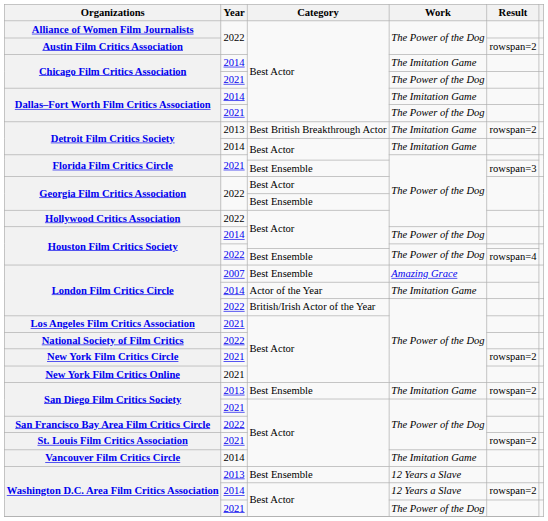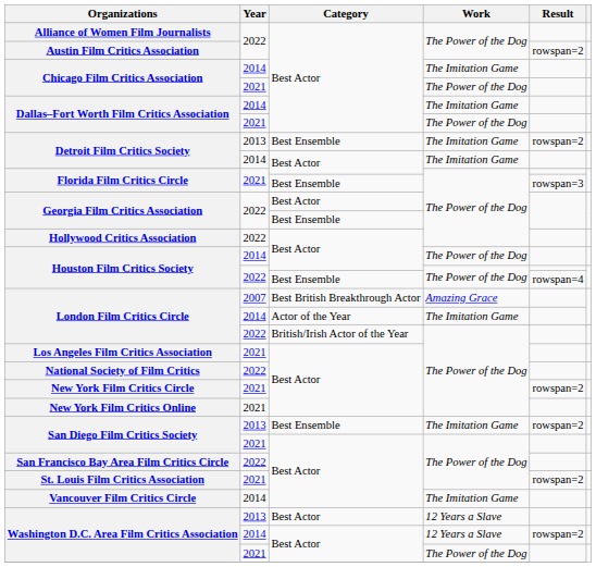 <table class= "wikitable plainrowheaders sortable">
 <tr>
 <th>Organizations</th>
 <th scope="col">Year</th>
 <th scope="col">Category</th>
 <th scope="col">Work</th>
 <th scope="col">Result</th>
 <th scope="col" class="unsortable"></th>
 </tr>
 <tr>
 <th scope="row" rowspan="1"><a href='#'>Alliance of Women Film Journalists</a></th>
 <td rowspan=2>2022</td>
 <td rowspan=6>Best Actor</td>
 <td rowspan=2><em>The Power of the Dog</em></td>
 <td></td>
 <td></td>
 </tr>
 <tr>
 <th scope="row"><a href='#'>Austin Film Critics Association</a></th>
 <td>rowspan=2 </td>
 <td></td>
 </tr>
 <tr>
 <th rowspan=2 scope="row"><a href='#'>Chicago Film Critics Association</a></th>
 <td><a href='#'>2014</a></td>
 <td><em>The Imitation Game</em></td>
 <td></td>
 </tr>
 <tr>
 <td><a href='#'>2021</a></td>
 <td><em>The Power of the Dog</em></td>
 <td></td>
 <td></td>
 </tr>
 <tr>
 <th rowspan=2 scope="row"><a href='#'>Dallas–Fort Worth Film Critics Association</a></th>
 <td><a href='#'>2014</a></td>
 <td><em>The Imitation Game</em></td>
 <td></td>
 <td></td>
 </tr>
 <tr>
 <td><a href='#'>2021</a></td>
 <td><em>The Power of the Dog</em></td>
 <td></td>
 <td></td>
 </tr>
 <tr>
 <th rowspan=2 scope="row"><a href='#'>Detroit Film Critics Society</a></th>
 <td>2013</td>
-<td>Best British Breakthrough Actor</td>
+<td>Best Ensemble</td>
 <td><em>The Imitation Game</em></td>
 <td>rowspan=2 </td>
 <td></td>
 </tr>
 <tr>
 <td>2014</td>
 <td rowspan=2>Best Actor</td>
 <td><em>The Imitation Game</em></td>
 <td></td>
 </tr>
 <tr>
 <th rowspan=2 scope="row"><a href='#'>Florida Film Critics Circle</a></th>
 <td rowspan=2><a href='#'>2021</a></td>
 <td rowspan=5><em>The Power of the Dog</em></td>
 <td></td>
 <td rowspan=2></td>
 </tr>
 <tr>
 <td>Best Ensemble</td>
 <td>rowspan=3 </td>
 </tr>
 <tr>
 <th rowspan=2 scope="row"><a href='#'>Georgia Film Critics Association</a></th>
 <td rowspan=2>2022</td>
 <td>Best Actor</td>
 <td rowspan=2></td>
 </tr>
 <tr>
 <td>Best Ensemble</td>
 </tr>
 <tr>
 <th scope="row"><a href='#'>Hollywood Critics Association</a></th>
 <td>2022</td>
 <td rowspan=3>Best Actor</td>
 <td></td>
 <td></td>
 </tr>
 <tr>
 <th rowspan=3 scope="row"><a href='#'>Houston Film Critics Society</a></th>
 <td><a href='#'>2014</a></td>
 <td><em>The Power of the Dog</em></td>
 <td></td>
 <td></td>
 </tr>
 <tr>
 <td rowspan=2><a href='#'>2022</a></td>
 <td rowspan=2><em>The Power of the Dog</em></td>
 <td></td>
 <td rowspan=2></td>
 </tr>
 <tr>
 <td>Best Ensemble</td>
 <td>rowspan=4 </td>
 </tr>
 <tr>
 <th rowspan=4 scope="row"><a href='#'>London Film Critics Circle</a></th>
 <td><a href='#'>2007</a></td>
-<td>Best Ensemble</td>
+<td>Best British Breakthrough Actor</td>
 <td><em><a href='#'>Amazing Grace</a></em></td>
 <td></td>
 </tr>
 <tr>
 <td rowspan=2><a href='#'>2014</a></td>
 <td>Actor of the Year</td>
 <td rowspan=2><em>The Imitation Game</em></td>
 <td rowspan=2></td>
 </tr>
 <tr>
 <td rowspan=2>British/Irish Actor of the Year</td>
 </tr>
 <tr>
 <td><a href='#'>2022</a></td>
 <td rowspan=5><em>The Power of the Dog</em></td>
 <td></td>
 <td></td>
 </tr>
 <tr>
 <th scope="row"><a href='#'>Los Angeles Film Critics Association</a></th>
 <td><a href='#'>2021</a></td>
 <td rowspan=4>Best Actor</td>
 <td></td>
 <td></td>
 </tr>
 <tr>
 <th scope="row"><a href='#'>National Society of Film Critics</a></th>
 <td><a href='#'>2022</a></td>
 <td></td>
 <td></td>
 </tr>
 <tr>
 <th scope="row"><a href='#'>New York Film Critics Circle</a></th>
 <td><a href='#'>2021</a></td>
 <td>rowspan=2 </td>
 <td></td>
 </tr>
 <tr>
 <th scope="row"><a href='#'>New York Film Critics Online</a></th>
 <td>2021</td>
 <td></td>
 </tr>
 <tr>
 <th rowspan=2 scope="row"><a href='#'>San Diego Film Critics Society</a></th>
 <td><a href='#'>2013</a></td>
 <td>Best Ensemble</td>
 <td><em>The Imitation Game</em></td>
 <td>rowspan=2 </td>
 <td></td>
 </tr>
 <tr>
 <td><a href='#'>2021</a></td>
 <td rowspan=4>Best Actor</td>
 <td rowspan=3><em>The Power of the Dog</em></td>
 <td></td>
 </tr>
 <tr>
 <th scope="row"><a href='#'>San Francisco Bay Area Film Critics Circle</a></th>
 <td><a href='#'>2022</a></td>
 <td></td>
 <td></td>
 </tr>
 <tr>
 <th scope="row"><a href='#'>St. Louis Film Critics Association</a></th>
 <td><a href='#'>2021</a></td>
 <td>rowspan=2 </td>
 <td></td>
 </tr>
 <tr>
 <th scope="row"><a href='#'>Vancouver Film Critics Circle</a></th>
 <td>2014</td>
 <td><em>The Imitation Game</em></td>
 <td></td>
 </tr>
 <tr>
 <th rowspan=3 scope="row"><a href='#'>Washington D.C. Area Film Critics Association</a></th>
 <td><a href='#'>2013</a></td>
-<td>Best Ensemble</td>
+<td>Best Actor</td>
 <td><em>12 Years a Slave</em></td>
 <td></td>
 <td></td>
 </tr>
 <tr>
 <td><a href='#'>2014</a></td>
 <td rowspan=2>Best Actor</td>
 <td><em>12 Years a Slave</em></td>
 <td>rowspan=2 </td>
 <td></td>
 </tr>
 <tr>
 <td><a href='#'>2021</a></td>
 <td><em>The Power of the Dog</em></td>
 <td></td>
 </tr>
 <tr>
 </tr>
 </table>
